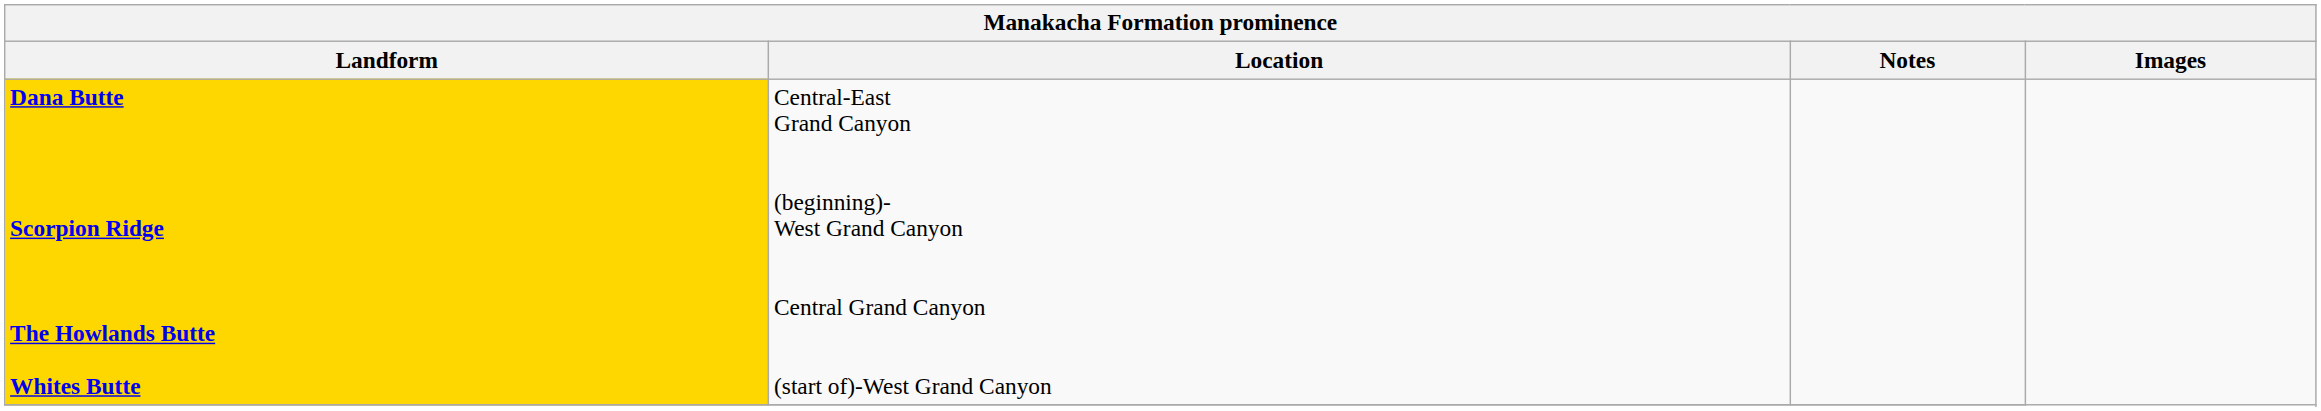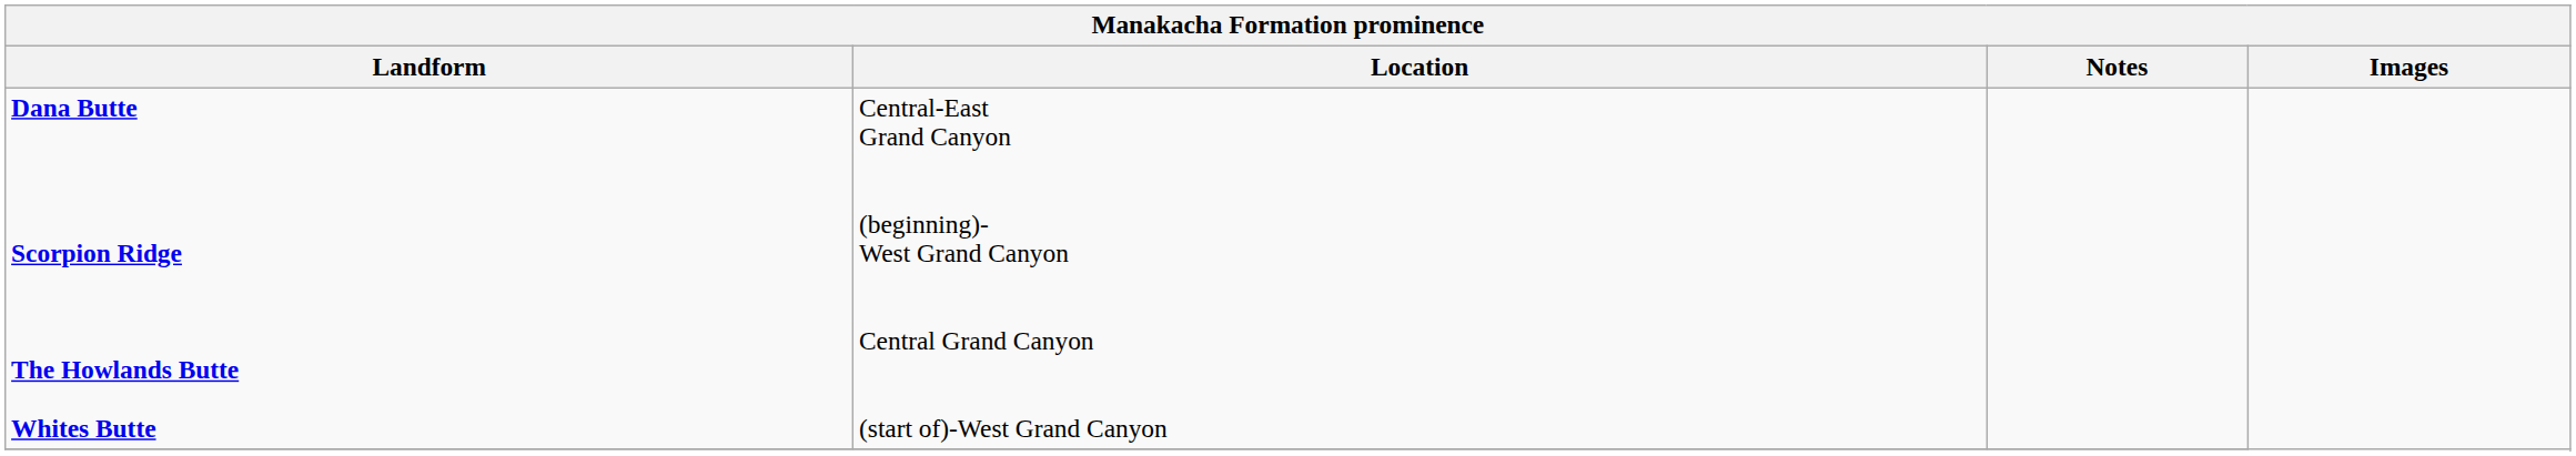 <table class="wikitable" align="center" width="100%">
 <tr>
 <th colspan="5" align="center"><strong>Manakacha Formation prominence</strong></th>
 </tr>
 <tr>
 <th>Landform</th>
 <th>Location</th>
 <th>Notes</th>
 <th>Images</th>
 </tr>
 <tr>
-<td style="background: gold;"><strong><a href='#'>Dana Butte</a></strong> <br><br><br><br><br><strong><a href='#'>Scorpion Ridge</a></strong><br><br><br><br><strong><a href='#'>The Howlands Butte</a></strong><br><br><strong><a href='#'>Whites Butte</a></strong></td>
+<td><strong><a href='#'>Dana Butte</a></strong> <br><br><br><br><br><strong><a href='#'>Scorpion Ridge</a></strong><br><br><br><br><strong><a href='#'>The Howlands Butte</a></strong><br><br><strong><a href='#'>Whites Butte</a></strong></td>
 <td>Central-East<br>Grand Canyon <br><br><br>(beginning)-<br>West Grand Canyon <br><br><br>Central Grand Canyon <br><br><br>(start of)-West Grand Canyon</td>
 <td></td>
 <td rowspan="99"><br> <br> <br> <br></td>
 </tr>
 <tr>
 </tr>
 </table>
